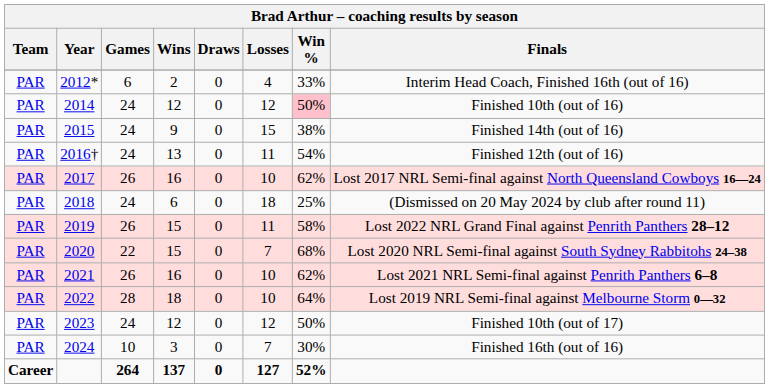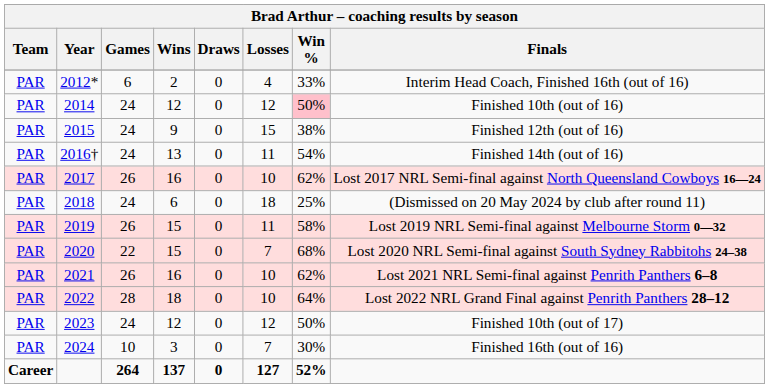 <table class="wikitable">
 <tr border=1 cellpadding=5 cellspacing=0|- align=center style="background:#EFEFEF;">
 </tr>
 <tr>
 <th colspan="8"><strong>Brad Arthur – coaching results by season </strong></th>
 </tr>
 <tr>
 <th width="30">Team</th>
 <th width="30">Year</th>
 <th width="30">Games</th>
 <th width="30">Wins</th>
 <th width="30">Draws</th>
 <th width="30">Losses</th>
 <th width="30">Win %</th>
 <th>Finals</th>
 </tr>
 <tr align=center>
 </tr>
 <tr align=center style="background:#FFCCCC;">
 </tr>
 <tr align=center>
 <td><a href='#'>PAR</a></td>
 <td><a href='#'>2012</a>*</td>
 <td>6</td>
 <td>2</td>
 <td>0</td>
 <td>4</td>
 <td>33%</td>
 <td>Interim Head Coach, Finished 16th (out of 16)</td>
 </tr>
 <tr align=center>
 <td><a href='#'>PAR</a></td>
 <td><a href='#'>2014</a></td>
 <td>24</td>
 <td>12</td>
 <td>0</td>
 <td>12</td>
 <td style="background: pink;">50%</td>
 <td>Finished 10th (out of 16)</td>
 </tr>
 <tr align=center>
 <td><a href='#'>PAR</a></td>
 <td><a href='#'>2015</a></td>
 <td>24</td>
 <td>9</td>
 <td>0</td>
 <td>15</td>
 <td>38%</td>
-<td>Finished 14th (out of 16)</td>
+<td>Finished 12th (out of 16)</td>
 </tr>
 <tr align=center>
 <td><a href='#'>PAR</a></td>
 <td><a href='#'>2016</a>†</td>
 <td>24</td>
 <td>13</td>
 <td>0</td>
 <td>11</td>
 <td>54%</td>
-<td>Finished 12th (out of 16)</td>
+<td>Finished 14th (out of 16)</td>
 </tr>
 <tr align=center style="background:#fdd;">
 <td><a href='#'>PAR</a></td>
 <td><a href='#'>2017</a></td>
 <td>26</td>
 <td>16</td>
 <td>0</td>
 <td>10</td>
 <td>62%</td>
 <td>Lost 2017 NRL Semi-final against <a href='#'>North Queensland Cowboys</a> <small><strong>16—24</strong></small></td>
 </tr>
 <tr align=center>
 <td><a href='#'>PAR</a></td>
 <td><a href='#'>2018</a></td>
 <td>24</td>
 <td>6</td>
 <td>0</td>
 <td>18</td>
 <td>25%</td>
 <td>(Dismissed on 20 May 2024 by club after round 11)</td>
 </tr>
 <tr align=center style="background:#fdd;">
 <td><a href='#'>PAR</a></td>
 <td><a href='#'>2019</a></td>
 <td>26</td>
 <td>15</td>
 <td>0</td>
 <td>11</td>
 <td>58%</td>
-<td>Lost 2022 NRL Grand Final against <a href='#'>Penrith Panthers</a> <strong>28–12</strong></td>
+<td>Lost 2019 NRL Semi-final against <a href='#'>Melbourne Storm</a> <small><strong>0—32</strong></small></td>
 </tr>
 <tr align=center style="background:#fdd;">
 <td><a href='#'>PAR</a></td>
 <td><a href='#'>2020</a></td>
 <td>22</td>
 <td>15</td>
 <td>0</td>
 <td>7</td>
 <td>68%</td>
 <td>Lost 2020 NRL Semi-final against <a href='#'>South Sydney Rabbitohs</a> <small> <strong>24–38</strong></small></td>
 </tr>
 <tr align=center style="background:#fdd;">
 <td><a href='#'>PAR</a></td>
 <td><a href='#'>2021</a></td>
 <td>26</td>
 <td>16</td>
 <td>0</td>
 <td>10</td>
 <td>62%</td>
 <td>Lost 2021 NRL Semi-final against <a href='#'>Penrith Panthers</a> <strong>6–8</strong></td>
 </tr>
 <tr align=center style="background:#fdd;">
 <td><a href='#'>PAR</a></td>
 <td><a href='#'>2022</a></td>
 <td>28</td>
 <td>18</td>
 <td>0</td>
 <td>10</td>
 <td>64%</td>
-<td>Lost 2019 NRL Semi-final against <a href='#'>Melbourne Storm</a> <small><strong>0—32</strong></small></td>
+<td>Lost 2022 NRL Grand Final against <a href='#'>Penrith Panthers</a> <strong>28–12</strong></td>
 </tr>
 <tr align=center>
 <td><a href='#'>PAR</a></td>
 <td><a href='#'>2023</a></td>
 <td>24</td>
 <td>12</td>
 <td>0</td>
 <td>12</td>
 <td>50%</td>
 <td>Finished 10th (out of 17)</td>
 </tr>
 <tr align=center>
 <td><a href='#'>PAR</a></td>
 <td><a href='#'>2024</a></td>
 <td>10</td>
 <td>3</td>
 <td>0</td>
 <td>7</td>
 <td>30%</td>
 <td>Finished 16th (out of 16)</td>
 </tr>
 <tr align=center>
 <td rowspan="1"><strong>Career</strong></td>
 <td></td>
 <td><strong>264</strong></td>
 <td><strong>137</strong></td>
 <td><strong>0</strong></td>
 <td><strong>127</strong></td>
 <td><strong>52%</strong></td>
 <td></td>
 </tr>
 </table>
